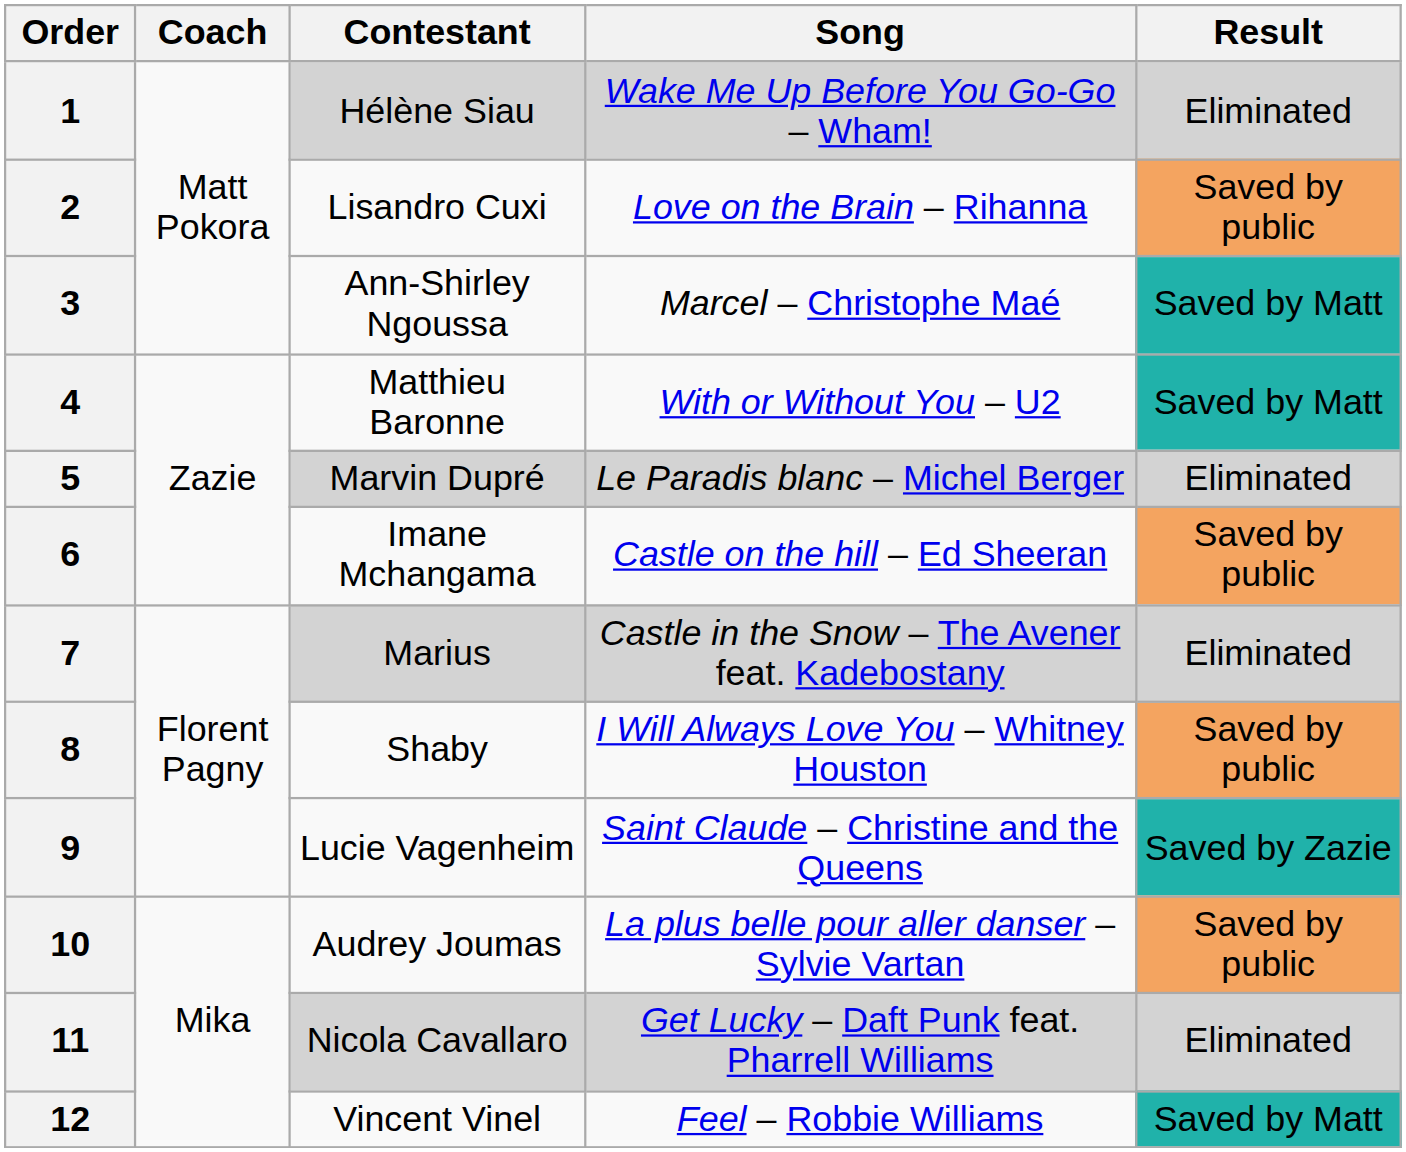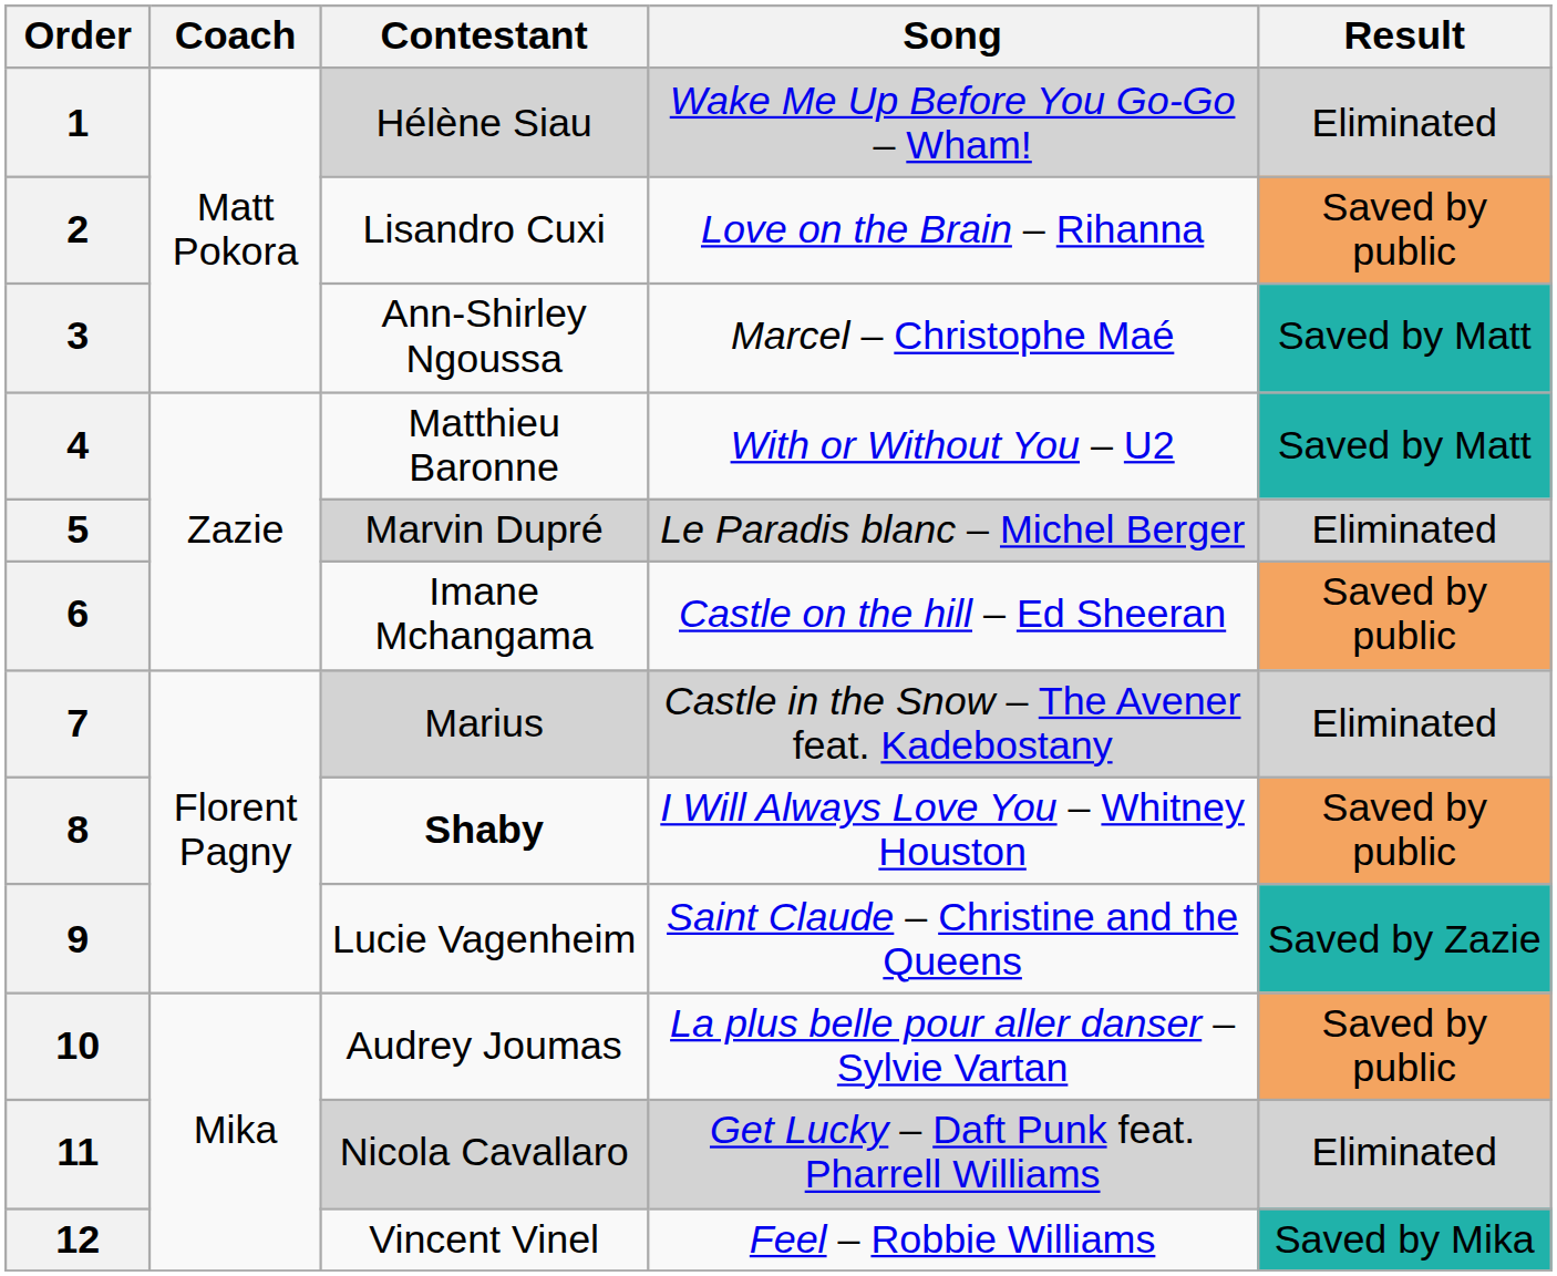 <table class="wikitable" style="text-align:center; width:100%;">
 <tr>
 <th scope="col" style="width:02%;">Order</th>
 <th scope="col" style="width:03%;">Coach</th>
 <th scope="col" style="width:10%;">Contestant</th>
 <th scope="col" style="width:25%;">Song</th>
 <th scope="col" style="width:10%;">Result</th>
 </tr>
 <tr>
 <th>1</th>
 <td rowspan="3">Matt Pokora</td>
 <td style="background:lightgrey">Hélène Siau</td>
 <td style="background:lightgrey"><em><a href='#'>Wake Me Up Before You Go-Go</a></em> – <a href='#'>Wham!</a></td>
 <td style="background:lightgrey">Eliminated</td>
 </tr>
 <tr>
 <th>2</th>
 <td style="background:">Lisandro Cuxi</td>
 <td><em><a href='#'>Love on the Brain</a></em> – <a href='#'>Rihanna</a></td>
 <td style="background:sandybrown">Saved by public</td>
 </tr>
 <tr>
 <th>3</th>
 <td style="background:">Ann-Shirley Ngoussa</td>
 <td><em>Marcel</em> – <a href='#'>Christophe Maé</a></td>
 <td style="background:lightseagreen">Saved by Matt</td>
 </tr>
 <tr>
 <th>4</th>
 <td rowspan="3">Zazie</td>
 <td style="background:">Matthieu Baronne</td>
 <td><em><a href='#'>With or Without You</a></em> – <a href='#'>U2</a></td>
 <td style="background:lightseagreen">Saved by Matt</td>
 </tr>
 <tr style="background:lightgrey">
 <th>5</th>
 <td style="background:">Marvin Dupré</td>
 <td><em>Le Paradis blanc</em> – <a href='#'>Michel Berger</a></td>
 <td style="background:">Eliminated</td>
 </tr>
 <tr>
 <th>6</th>
 <td style="background:">Imane Mchangama</td>
 <td><em><a href='#'>Castle on the hill</a></em> – <a href='#'>Ed Sheeran</a></td>
 <td style="background:sandybrown">Saved by public</td>
 </tr>
 <tr>
 <th>7</th>
 <td rowspan="3">Florent Pagny</td>
 <td style="background:lightgrey">Marius</td>
 <td style="background:lightgrey"><em>Castle in the Snow</em> – <a href='#'>The Avener</a> feat. <a href='#'>Kadebostany</a></td>
 <td style="background:lightgrey">Eliminated</td>
 </tr>
 <tr>
 <th>8</th>
-<td style="background:">Shaby</td>
+<td style="background:"><strong>Shaby</strong></td>
 <td><em><a href='#'>I Will Always Love You</a></em> – <a href='#'>Whitney Houston</a></td>
 <td style="background:sandybrown">Saved by public</td>
 </tr>
 <tr>
 <th>9</th>
 <td style="background:">Lucie Vagenheim</td>
 <td style="background:"><em><a href='#'>Saint Claude</a></em> – <a href='#'>Christine and the Queens</a></td>
 <td style="background:lightseagreen">Saved by Zazie</td>
 </tr>
 <tr>
 <th>10</th>
 <td rowspan="3">Mika</td>
 <td style="background:">Audrey Joumas</td>
 <td><em><a href='#'>La plus belle pour aller danser</a></em> – <a href='#'>Sylvie Vartan</a></td>
 <td style="background:sandybrown">Saved by public</td>
 </tr>
 <tr style="background:lightgrey">
 <th>11</th>
 <td style="background:">Nicola Cavallaro</td>
 <td><em><a href='#'>Get Lucky</a></em> – <a href='#'>Daft Punk</a> feat. <a href='#'>Pharrell Williams</a></td>
 <td style="background:">Eliminated</td>
 </tr>
 <tr>
 <th>12</th>
 <td style="background:">Vincent Vinel</td>
 <td><em><a href='#'>Feel</a></em> – <a href='#'>Robbie Williams</a></td>
-<td style="background:lightseagreen">Saved by Matt</td>
+<td style="background:lightseagreen">Saved by Mika</td>
 </tr>
 <tr>
 </tr>
 </table>
